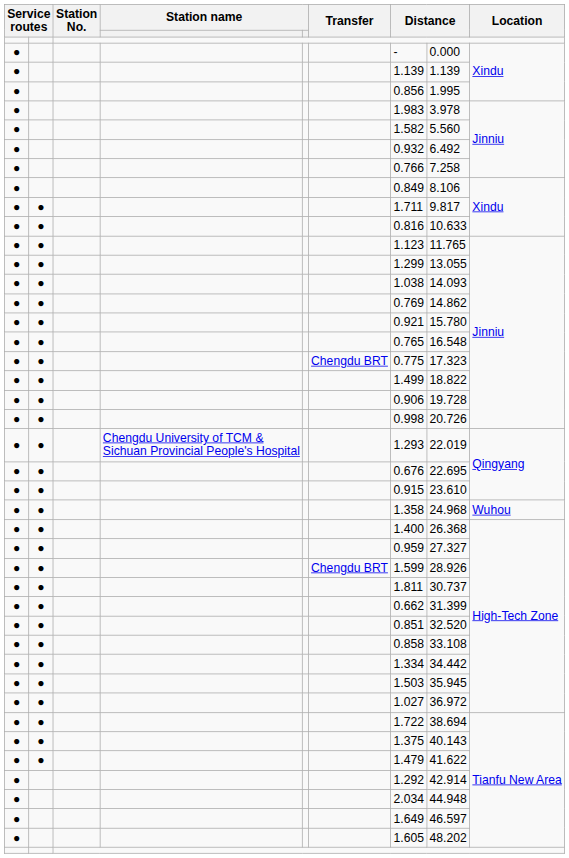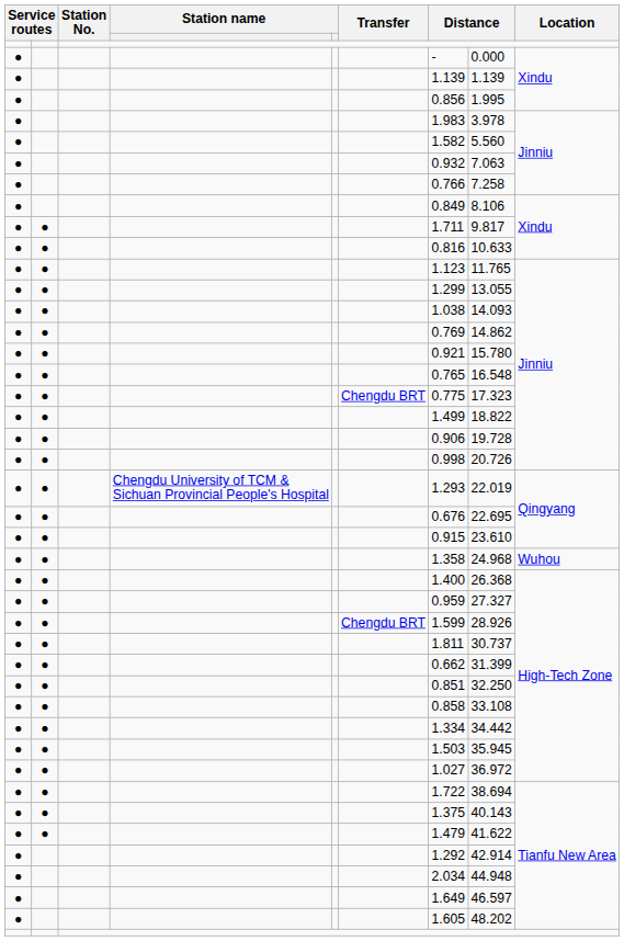 <table class="wikitable">
 <tr>
 <th colspan="2" rowspan="2">Service<br>routes</th>
 <th rowspan="2">Station<br>No.</th>
 <th colspan=2>Station name</th>
 <th rowspan=2>Transfer</th>
 <th colspan="2" rowspan="2">Distance<br></th>
 <th rowspan=2>Location</th>
 </tr>
 <tr>
 <th></th>
 <th></th>
 </tr>
 <tr style="background:#">
 <td></td>
 <td></td>
 <td colspan="7"></td>
 </tr>
 <tr>
 <td align="center">●</td>
 <td></td>
 <td></td>
 <td></td>
 <td></td>
 <td></td>
 <td>-</td>
 <td>0.000</td>
 <td rowspan="3"><a href='#'>Xindu</a></td>
 </tr>
 <tr>
 <td align="center">●</td>
 <td></td>
 <td></td>
 <td></td>
 <td></td>
 <td></td>
 <td>1.139</td>
 <td>1.139</td>
 </tr>
 <tr>
 <td align="center">●</td>
 <td></td>
 <td></td>
 <td></td>
 <td></td>
 <td></td>
 <td>0.856</td>
 <td>1.995</td>
 </tr>
 <tr>
 <td align="center">●</td>
 <td></td>
 <td></td>
 <td></td>
 <td></td>
 <td></td>
 <td>1.983</td>
 <td>3.978</td>
 <td rowspan="4"><a href='#'>Jinniu</a></td>
 </tr>
 <tr>
 <td align="center">●</td>
 <td></td>
 <td></td>
 <td></td>
 <td></td>
 <td></td>
 <td>1.582</td>
 <td>5.560</td>
 </tr>
 <tr>
 <td align="center">●</td>
 <td></td>
 <td></td>
 <td></td>
 <td></td>
 <td></td>
 <td>0.932</td>
-<td>6.492</td>
+<td>7.063</td>
 </tr>
 <tr>
 <td align="center">●</td>
 <td></td>
 <td></td>
 <td></td>
 <td></td>
 <td></td>
 <td>0.766</td>
 <td>7.258</td>
 </tr>
 <tr>
 <td align="center">●</td>
 <td></td>
 <td></td>
 <td></td>
 <td></td>
 <td></td>
 <td>0.849</td>
 <td>8.106</td>
 <td rowspan="3"><a href='#'>Xindu</a></td>
 </tr>
 <tr>
 <td align="center">●</td>
 <td align="center">●</td>
 <td></td>
 <td></td>
 <td></td>
 <td></td>
 <td>1.711</td>
 <td>9.817</td>
 </tr>
 <tr>
 <td align="center">●</td>
 <td align="center">●</td>
 <td></td>
 <td></td>
 <td></td>
 <td></td>
 <td>0.816</td>
 <td>10.633</td>
 </tr>
 <tr>
 <td align="center">●</td>
 <td align="center">●</td>
 <td></td>
 <td></td>
 <td></td>
 <td></td>
 <td>1.123</td>
 <td>11.765</td>
 <td rowspan="10"><a href='#'>Jinniu</a></td>
 </tr>
 <tr>
 <td align="center">●</td>
 <td align="center">●</td>
 <td></td>
 <td></td>
 <td></td>
 <td></td>
 <td>1.299</td>
 <td>13.055</td>
 </tr>
 <tr>
 <td align="center">●</td>
 <td align="center">●</td>
 <td></td>
 <td></td>
 <td></td>
 <td></td>
 <td>1.038</td>
 <td>14.093</td>
 </tr>
 <tr>
 <td align="center">●</td>
 <td align="center">●</td>
 <td></td>
 <td></td>
 <td></td>
 <td></td>
 <td>0.769</td>
 <td>14.862</td>
 </tr>
 <tr>
 <td align="center">●</td>
 <td align="center">●</td>
 <td></td>
 <td></td>
 <td></td>
 <td></td>
 <td>0.921</td>
 <td>15.780</td>
 </tr>
 <tr>
 <td align="center">●</td>
 <td align="center">●</td>
 <td></td>
 <td></td>
 <td></td>
 <td></td>
 <td>0.765</td>
 <td>16.548</td>
 </tr>
 <tr>
 <td align="center">●</td>
 <td align="center">●</td>
 <td></td>
 <td></td>
 <td></td>
 <td>  <a href='#'>Chengdu BRT</a></td>
 <td>0.775</td>
 <td>17.323</td>
 </tr>
 <tr>
 <td align="center">●</td>
 <td align="center">●</td>
 <td></td>
 <td></td>
 <td></td>
 <td></td>
 <td>1.499</td>
 <td>18.822</td>
 </tr>
 <tr>
 <td align="center">●</td>
 <td align="center">●</td>
 <td></td>
 <td></td>
 <td></td>
 <td></td>
 <td>0.906</td>
 <td>19.728</td>
 </tr>
 <tr>
 <td align="center">●</td>
 <td align="center">●</td>
 <td></td>
 <td></td>
 <td></td>
 <td></td>
 <td>0.998</td>
 <td>20.726</td>
 </tr>
 <tr>
 <td align="center">●</td>
 <td align="center">●</td>
 <td></td>
 <td><a href='#'>Chengdu University of TCM &<br>Sichuan Provincial People's Hospital</a></td>
 <td></td>
 <td> </td>
 <td>1.293</td>
 <td>22.019</td>
 <td rowspan="3"><a href='#'>Qingyang</a></td>
 </tr>
 <tr>
 <td align="center">●</td>
 <td align="center">●</td>
 <td></td>
 <td></td>
 <td></td>
 <td></td>
 <td>0.676</td>
 <td>22.695</td>
 </tr>
 <tr>
 <td align="center">●</td>
 <td align="center">●</td>
 <td></td>
 <td></td>
 <td></td>
 <td></td>
 <td>0.915</td>
 <td>23.610</td>
 </tr>
 <tr>
 <td align="center">●</td>
 <td align="center">●</td>
 <td></td>
 <td></td>
 <td></td>
 <td> </td>
 <td>1.358</td>
 <td>24.968</td>
 <td><a href='#'>Wuhou</a></td>
 </tr>
 <tr>
 <td align="center">●</td>
 <td align="center">●</td>
 <td></td>
 <td></td>
 <td></td>
 <td></td>
 <td>1.400</td>
 <td>26.368</td>
 <td rowspan="10"><a href='#'>High-Tech Zone</a></td>
 </tr>
 <tr>
 <td align="center">●</td>
 <td align="center">●</td>
 <td></td>
 <td></td>
 <td></td>
 <td></td>
 <td>0.959</td>
 <td>27.327</td>
 </tr>
 <tr>
 <td align="center">●</td>
 <td align="center">●</td>
 <td></td>
 <td></td>
 <td></td>
 <td>  <a href='#'>Chengdu BRT</a></td>
 <td>1.599</td>
 <td>28.926</td>
 </tr>
 <tr>
 <td align="center">●</td>
 <td align="center">●</td>
 <td></td>
 <td></td>
 <td></td>
 <td></td>
 <td>1.811</td>
 <td>30.737</td>
 </tr>
 <tr>
 <td align="center">●</td>
 <td align="center">●</td>
 <td></td>
 <td></td>
 <td></td>
 <td></td>
 <td>0.662</td>
 <td>31.399</td>
 </tr>
 <tr>
 <td align="center">●</td>
 <td align="center">●</td>
 <td></td>
 <td></td>
 <td></td>
 <td></td>
 <td>0.851</td>
-<td>32.520</td>
+<td>32.250</td>
 </tr>
 <tr>
 <td align="center">●</td>
 <td align="center">●</td>
 <td></td>
 <td></td>
 <td></td>
 <td></td>
 <td>0.858</td>
 <td>33.108</td>
 </tr>
 <tr>
 <td align="center">●</td>
 <td align="center">●</td>
 <td></td>
 <td></td>
 <td></td>
 <td></td>
 <td>1.334</td>
 <td>34.442</td>
 </tr>
 <tr>
 <td align="center">●</td>
 <td align="center">●</td>
 <td></td>
 <td></td>
 <td></td>
 <td></td>
 <td>1.503</td>
 <td>35.945</td>
 </tr>
 <tr>
 <td align="center">●</td>
 <td align="center">●</td>
 <td></td>
 <td></td>
 <td></td>
 <td></td>
 <td>1.027</td>
 <td>36.972</td>
 </tr>
 <tr>
 <td align="center">●</td>
 <td align="center">●</td>
 <td></td>
 <td></td>
 <td></td>
 <td></td>
 <td>1.722</td>
 <td>38.694</td>
 <td rowspan="7"><a href='#'>Tianfu New Area</a></td>
 </tr>
 <tr>
 <td align="center">●</td>
 <td align="center">●</td>
 <td></td>
 <td></td>
 <td></td>
 <td></td>
 <td>1.375</td>
 <td>40.143</td>
 </tr>
 <tr>
 <td align="center">●</td>
 <td align="center">●</td>
 <td></td>
 <td></td>
 <td></td>
 <td></td>
 <td>1.479</td>
 <td>41.622</td>
 </tr>
 <tr>
 <td align="center">●</td>
 <td></td>
 <td></td>
 <td></td>
 <td></td>
 <td></td>
 <td>1.292</td>
 <td>42.914</td>
 </tr>
 <tr>
 <td align="center">●</td>
 <td></td>
 <td></td>
 <td></td>
 <td></td>
 <td></td>
 <td>2.034</td>
 <td>44.948</td>
 </tr>
 <tr>
 <td align="center">●</td>
 <td></td>
 <td></td>
 <td></td>
 <td></td>
 <td></td>
 <td>1.649</td>
 <td>46.597</td>
 </tr>
 <tr>
 <td align="center">●</td>
 <td></td>
 <td></td>
 <td></td>
 <td></td>
 <td></td>
 <td>1.605</td>
 <td>48.202</td>
 </tr>
 <tr style="background:#">
 <td></td>
 <td></td>
 <td colspan="7"></td>
 </tr>
 </table>
